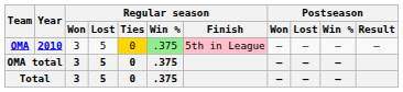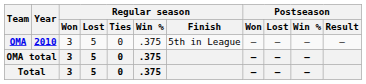 <table class="wikitable" style="font-size: 95%; text-align:center;">
 <tr>
 <th rowspan="2">Team</th>
 <th rowspan="2">Year</th>
 <th colspan="5">Regular season</th>
 <th colspan="4">Postseason</th>
 </tr>
 <tr>
 <th>Won</th>
 <th>Lost</th>
 <th>Ties</th>
 <th>Win %</th>
 <th>Finish</th>
 <th>Won</th>
 <th>Lost</th>
 <th>Win %</th>
 <th>Result</th>
 </tr>
 <tr>
 <th><a href='#'>OMA</a></th>
 <th><a href='#'>2010</a></th>
 <td>3</td>
 <td>5</td>
-<td style="background: gold;">0</td>
-<td style="background: lightgreen;">.375</td>
-<td style="background: pink;">5th in League</td>
+<td>0</td>
+<td>.375</td>
+<td>5th in League</td>
 <td>–</td>
 <td>–</td>
 <td>–</td>
 <td>–</td>
 </tr>
 <tr>
 <th colspan="2">OMA total</th>
 <th>3</th>
 <th>5</th>
 <th>0</th>
 <th>.375</th>
 <th></th>
 <th>–</th>
 <th>–</th>
 <th>–</th>
 <th></th>
 </tr>
 <tr>
 <th colspan="2">Total</th>
 <th>3</th>
 <th>5</th>
 <th>0</th>
 <th>.375</th>
 <th></th>
 <th>–</th>
 <th>–</th>
 <th>–</th>
 <th></th>
 </tr>
 </table>
